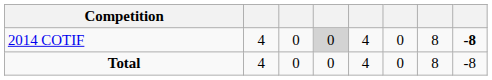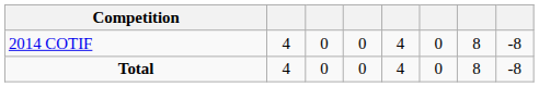 <table class="wikitable" style="text-align: center;">
 <tr>
 <th width=250>Competition</th>
 <th width=30></th>
 <th width=30></th>
 <th width=30></th>
 <th width=30></th>
 <th width=30></th>
 <th width=30></th>
 <th width=30></th>
 </tr>
 <tr>
 <td align="left"><a href='#'>2014 COTIF</a></td>
 <td>4</td>
 <td>0</td>
-<td style="background: lightgrey;">0</td>
+<td>0</td>
 <td>4</td>
 <td>0</td>
 <td>8</td>
-<td><strong>-8</strong></td>
+<td>-8</td>
 </tr>
 <tr>
 <td><strong>Total</strong></td>
 <td>4</td>
 <td>0</td>
 <td>0</td>
 <td>4</td>
 <td>0</td>
 <td>8</td>
 <td>-8</td>
 </tr>
 </table>
